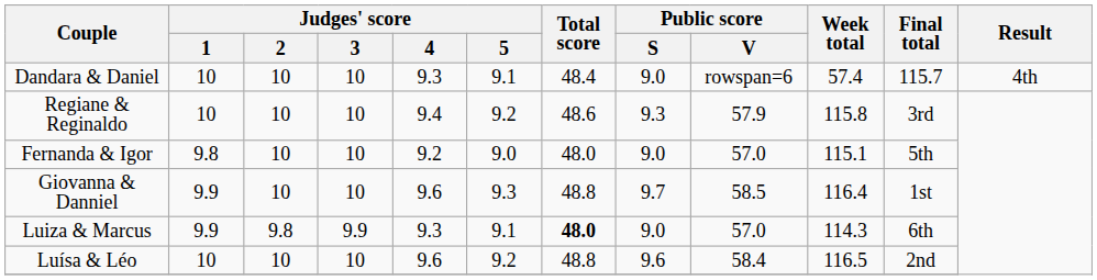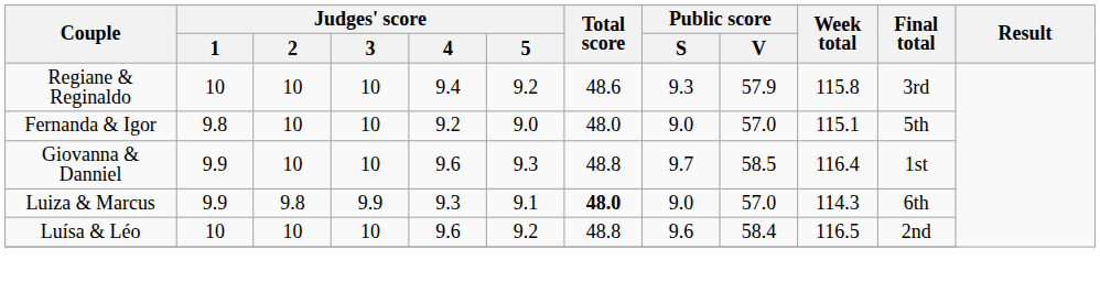 <table class="wikitable" style="font-size:100%; line-height:16px; text-align:center" width="100%">
 <tr>
 <th rowspan=2 width="11.0%">Couple</th>
 <th colspan=5 width="25.0%">Judges' score</th>
 <th rowspan=2 width="05.0%">Total<br>score</th>
 <th colspan=2 width="10.0%">Public score</th>
 <th rowspan=2 width="05.0%">Week<br>total</th>
 <th rowspan=2 width="05.0%">Final<br>total</th>
 <th rowspan=2 width="09.0%">Result</th>
 </tr>
 <tr>
 <th width="05.0%">1</th>
 <th width="05.0%">2</th>
 <th width="05.0%">3</th>
 <th width="05.0%">4</th>
 <th width="05.0%">5</th>
 <th width="05.0%">S</th>
 <th width="05.0%">V</th>
-</tr>
-<tr>
-<td>Dandara & Daniel</td>
-<td>10</td>
-<td>10</td>
-<td>10</td>
-<td>9.3</td>
-<td>9.1</td>
-<td>48.4</td>
-<td>9.0</td>
-<td>rowspan=6 </td>
-<td>57.4</td>
-<td>115.7</td>
-<td>4th</td>
 </tr>
 <tr>
 <td>Regiane & Reginaldo</td>
 <td>10</td>
 <td>10</td>
 <td>10</td>
 <td>9.4</td>
 <td>9.2</td>
 <td>48.6</td>
 <td>9.3</td>
 <td>57.9</td>
 <td>115.8</td>
 <td>3rd</td>
 </tr>
 <tr>
 <td>Fernanda & Igor</td>
 <td>9.8</td>
 <td>10</td>
 <td>10</td>
 <td>9.2</td>
 <td>9.0</td>
 <td>48.0</td>
 <td>9.0</td>
 <td>57.0</td>
 <td>115.1</td>
 <td>5th</td>
 </tr>
 <tr>
 <td>Giovanna & Danniel</td>
 <td>9.9</td>
 <td>10</td>
 <td>10</td>
 <td>9.6</td>
 <td>9.3</td>
 <td>48.8</td>
 <td>9.7</td>
 <td>58.5</td>
 <td>116.4</td>
 <td>1st</td>
 </tr>
 <tr>
 <td>Luiza & Marcus</td>
 <td>9.9</td>
 <td>9.8</td>
 <td>9.9</td>
 <td>9.3</td>
 <td>9.1</td>
 <td><strong>48.0</strong></td>
 <td>9.0</td>
 <td>57.0</td>
 <td>114.3</td>
 <td>6th</td>
 </tr>
 <tr>
 <td>Luísa & Léo</td>
 <td>10</td>
 <td>10</td>
 <td>10</td>
 <td>9.6</td>
 <td>9.2</td>
 <td>48.8</td>
 <td>9.6</td>
 <td>58.4</td>
 <td>116.5</td>
 <td>2nd</td>
 </tr>
 <tr>
 </tr>
 </table>
